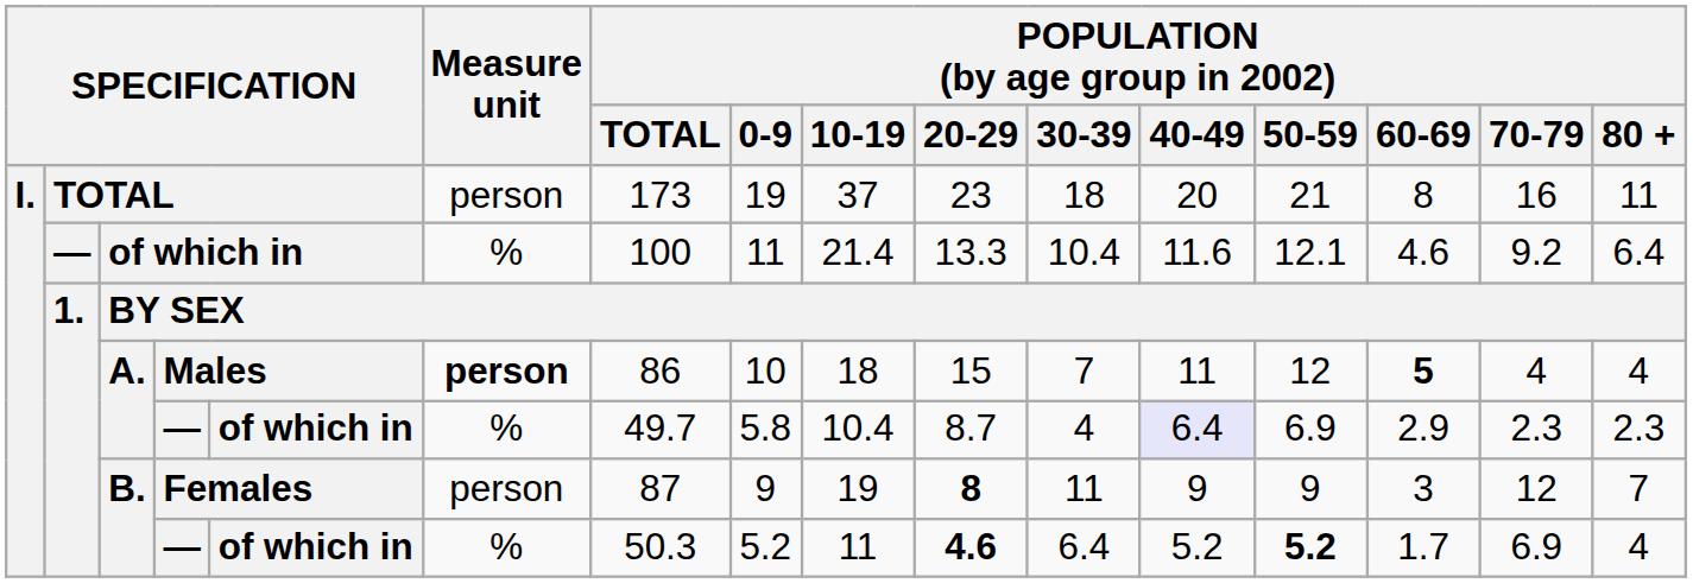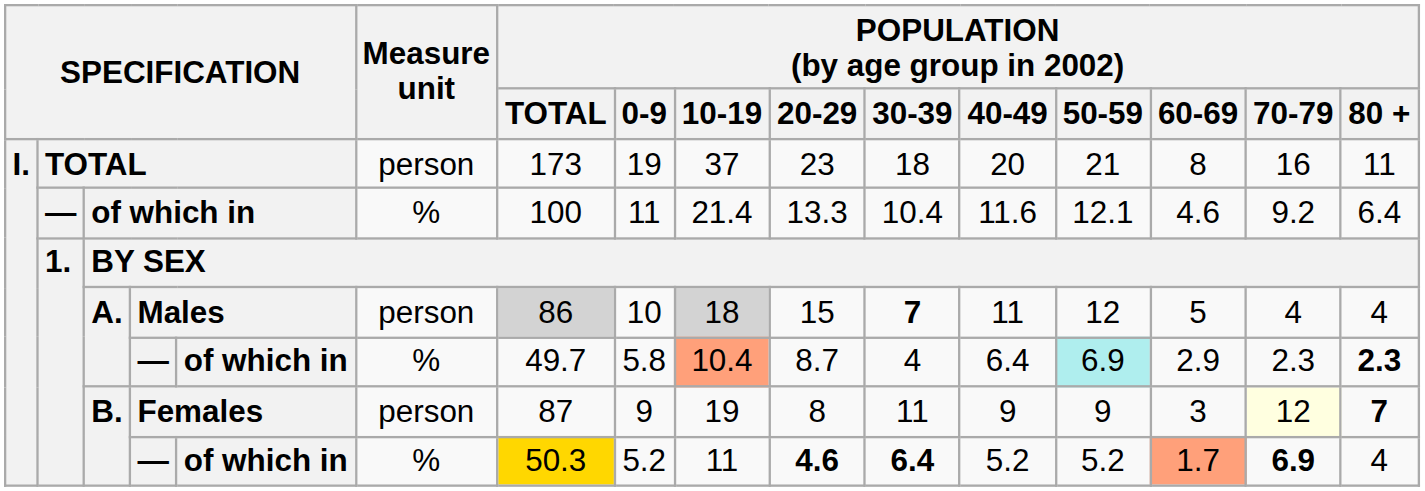 <table class="wikitable" style="font-size:85%; text-align:center">
 <tr>
 <th rowspan="2" colspan="5">SPECIFICATION</th>
 <th rowspan="2">Measure<br> unit</th>
 <th colspan="10" rowspan="1">POPULATION<br> (by age group in 2002)</th>
 </tr>
 <tr>
 <th>TOTAL</th>
 <th>0-9</th>
 <th>10-19</th>
 <th>20-29</th>
 <th>30-39</th>
 <th>40-49</th>
 <th>50-59</th>
 <th>60-69</th>
 <th>70-79</th>
 <th>80 +</th>
 </tr>
 <tr>
 <th style="text-align:left" valign="top" rowspan="7">I.</th>
 <th style="text-align:left" colspan="4">TOTAL</th>
 <td>person</td>
 <td>173</td>
 <td>19</td>
 <td>37</td>
 <td>23</td>
 <td>18</td>
 <td>20</td>
 <td>21</td>
 <td>8</td>
 <td>16</td>
 <td>11</td>
 </tr>
 <tr>
 <th style="text-align:left" valign="top">—</th>
 <th style="text-align:left" colspan="3">of which in</th>
 <td>%</td>
 <td>100</td>
 <td>11</td>
 <td>21.4</td>
 <td>13.3</td>
 <td>10.4</td>
 <td>11.6</td>
 <td>12.1</td>
 <td>4.6</td>
 <td>9.2</td>
 <td>6.4</td>
 </tr>
 <tr>
 <th style="text-align:left" valign="top" rowspan="5">1.</th>
 <th style="text-align:left" colspan="14">BY SEX</th>
 </tr>
 <tr>
 <th style="text-align:left" valign="top" rowspan="2">A.</th>
 <th style="text-align:left" colspan="2">Males</th>
-<td><strong>person</strong></td>
-<td>86</td>
+<td>person</td>
+<td style="background: lightgrey;">86</td>
 <td>10</td>
-<td>18</td>
+<td style="background: lightgrey;">18</td>
 <td>15</td>
-<td>7</td>
+<td><strong>7</strong></td>
 <td>11</td>
 <td>12</td>
-<td><strong>5</strong></td>
+<td>5</td>
 <td>4</td>
 <td>4</td>
 </tr>
 <tr>
 <th style="text-align:left" valign="top">—</th>
 <th style="text-align:left" colspan="1">of which in</th>
 <td>%</td>
 <td>49.7</td>
 <td>5.8</td>
-<td>10.4</td>
+<td style="background: lightsalmon;">10.4</td>
 <td>8.7</td>
 <td>4</td>
-<td style="background: lavender;">6.4</td>
-<td>6.9</td>
+<td>6.4</td>
+<td style="background: paleturquoise;">6.9</td>
 <td>2.9</td>
 <td>2.3</td>
-<td>2.3</td>
+<td><strong>2.3</strong></td>
 </tr>
 <tr>
 <th style="text-align:left" valign="top" rowspan="2">B.</th>
 <th style="text-align:left" colspan="2">Females</th>
 <td>person</td>
 <td>87</td>
 <td>9</td>
 <td>19</td>
-<td><strong>8</strong></td>
+<td>8</td>
 <td>11</td>
 <td>9</td>
 <td>9</td>
 <td>3</td>
-<td>12</td>
-<td>7</td>
+<td style="background: lightyellow;">12</td>
+<td><strong>7</strong></td>
 </tr>
 <tr>
 <th style="text-align:left" valign="top">—</th>
 <th style="text-align:left" colspan="1">of which in</th>
 <td>%</td>
-<td>50.3</td>
+<td style="background: gold;">50.3</td>
 <td>5.2</td>
 <td>11</td>
 <td><strong>4.6</strong></td>
-<td>6.4</td>
+<td><strong>6.4</strong></td>
 <td>5.2</td>
-<td><strong>5.2</strong></td>
-<td>1.7</td>
-<td>6.9</td>
+<td>5.2</td>
+<td style="background: lightsalmon;">1.7</td>
+<td><strong>6.9</strong></td>
 <td>4</td>
 </tr>
 </table>
